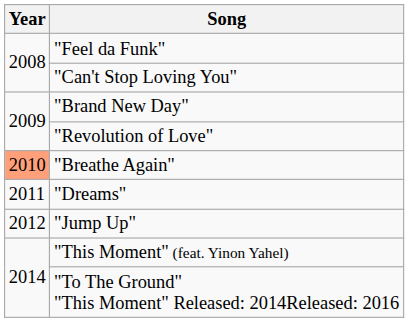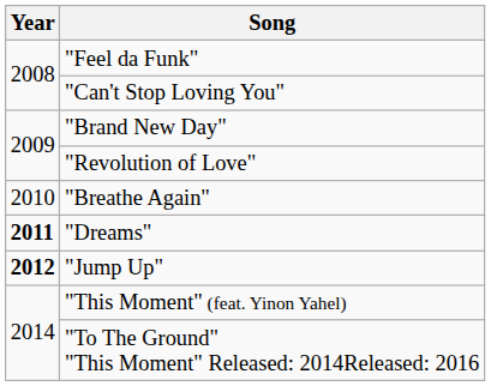 <table class="wikitable">
 <tr>
 <th>Year</th>
 <th>Song</th>
 </tr>
 <tr>
 <td rowspan="2">2008</td>
 <td>"Feel da Funk"</td>
 </tr>
 <tr>
 <td>"Can't Stop Loving You"</td>
 </tr>
 <tr>
 <td rowspan="2">2009</td>
 <td>"Brand New Day"</td>
 </tr>
 <tr>
 <td>"Revolution of Love"</td>
 </tr>
 <tr>
-<td rowspan="1" style="background: lightsalmon;">2010</td>
+<td rowspan="1">2010</td>
 <td>"Breathe Again"</td>
 </tr>
 <tr>
-<td rowspan="1">2011</td>
+<td rowspan="1"><strong>2011</strong></td>
 <td>"Dreams"</td>
 </tr>
 <tr>
-<td rowspan="1">2012</td>
+<td rowspan="1"><strong>2012</strong></td>
 <td>"Jump Up"</td>
 </tr>
 <tr>
 <td rowspan="2">2014</td>
 <td>"This Moment"<small> (feat. Yinon Yahel) </small></td>
 </tr>
 <tr>
 <td>"To The Ground"<br>"This Moment"  Released: 2014Released: 2016</td>
 </tr>
 </table>
